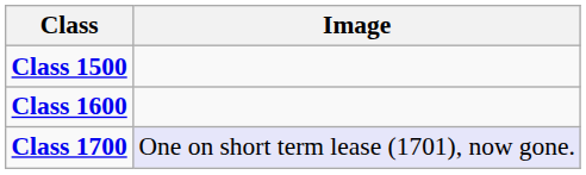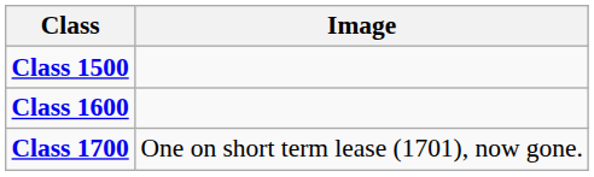 <table class="wikitable sortable">
 <tr>
 <th>Class</th>
 <th class="unsortable">Image</th>
 </tr>
 <tr>
 <td><strong><a href='#'>Class 1500</a></strong></td>
 <td></td>
 </tr>
 <tr>
 <td><strong><a href='#'>Class 1600</a></strong></td>
 <td></td>
 </tr>
 <tr>
 <td><strong><a href='#'>Class 1700</a></strong></td>
-<td style="background: lavender;">One on short term lease (1701), now gone.</td>
+<td>One on short term lease (1701), now gone.</td>
 </tr>
 </table>
